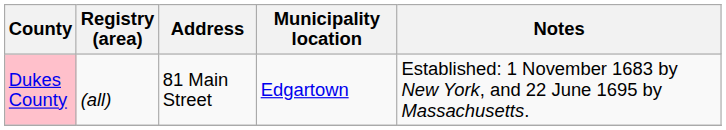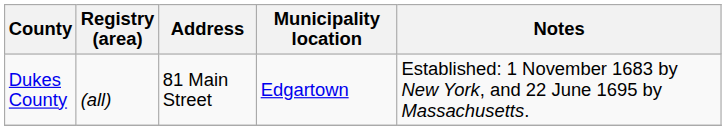 <table class="wikitable" width="100%">
 <tr>
 <th style="width:6%">County</th>
 <th style="width:10%">Registry (area)</th>
 <th>Address</th>
 <th>Municipality location</th>
 <th>Notes</th>
 </tr>
 <tr>
-<td style="background: pink;"><a href='#'>Dukes County</a></td>
+<td><a href='#'>Dukes County</a></td>
 <td><br><em>(all)</em></td>
 <td>81 Main Street</td>
 <td><a href='#'>Edgartown</a></td>
 <td>Established: 1 November 1683 by <em>New York</em>, and 22 June 1695 by <em>Massachusetts</em>.</td>
 </tr>
 <tr>
 </tr>
 </table>
